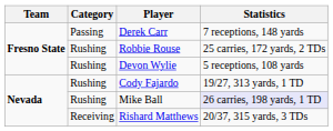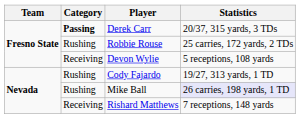 <table class="wikitable" style="float: left;">
 <tr>
 <th>Team</th>
 <th>Category</th>
 <th>Player</th>
 <th>Statistics</th>
 </tr>
 <tr>
 <td rowspan=3><strong>Fresno State</strong></td>
-<td>Passing</td>
+<td><strong>Passing</strong></td>
 <td><a href='#'>Derek Carr</a></td>
-<td>7 receptions, 148 yards</td>
+<td>20/37, 315 yards, 3 TDs</td>
 </tr>
 <tr>
 <td>Rushing</td>
 <td><a href='#'>Robbie Rouse</a></td>
 <td>25 carries, 172 yards, 2 TDs</td>
 </tr>
 <tr>
-<td>Rushing</td>
+<td>Receiving</td>
 <td><a href='#'>Devon Wylie</a></td>
 <td>5 receptions, 108 yards</td>
 </tr>
 <tr>
 <td rowspan=3><strong>Nevada</strong></td>
 <td>Rushing</td>
 <td><a href='#'>Cody Fajardo</a></td>
 <td>19/27, 313 yards, 1 TD</td>
 </tr>
 <tr>
 <td>Rushing</td>
 <td>Mike Ball</td>
 <td style="background: lavender;">26 carries, 198 yards, 1 TD</td>
 </tr>
 <tr>
 <td>Receiving</td>
 <td><a href='#'>Rishard Matthews</a></td>
-<td>20/37, 315 yards, 3 TDs</td>
+<td>7 receptions, 148 yards</td>
 </tr>
 </table>
